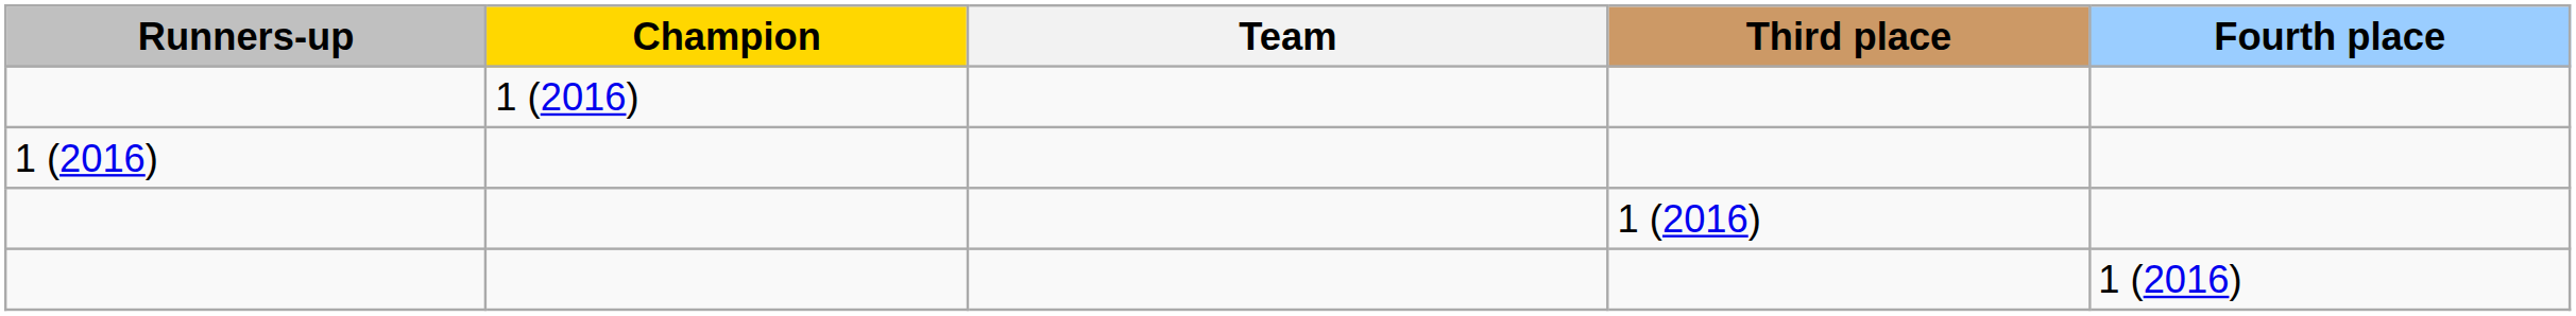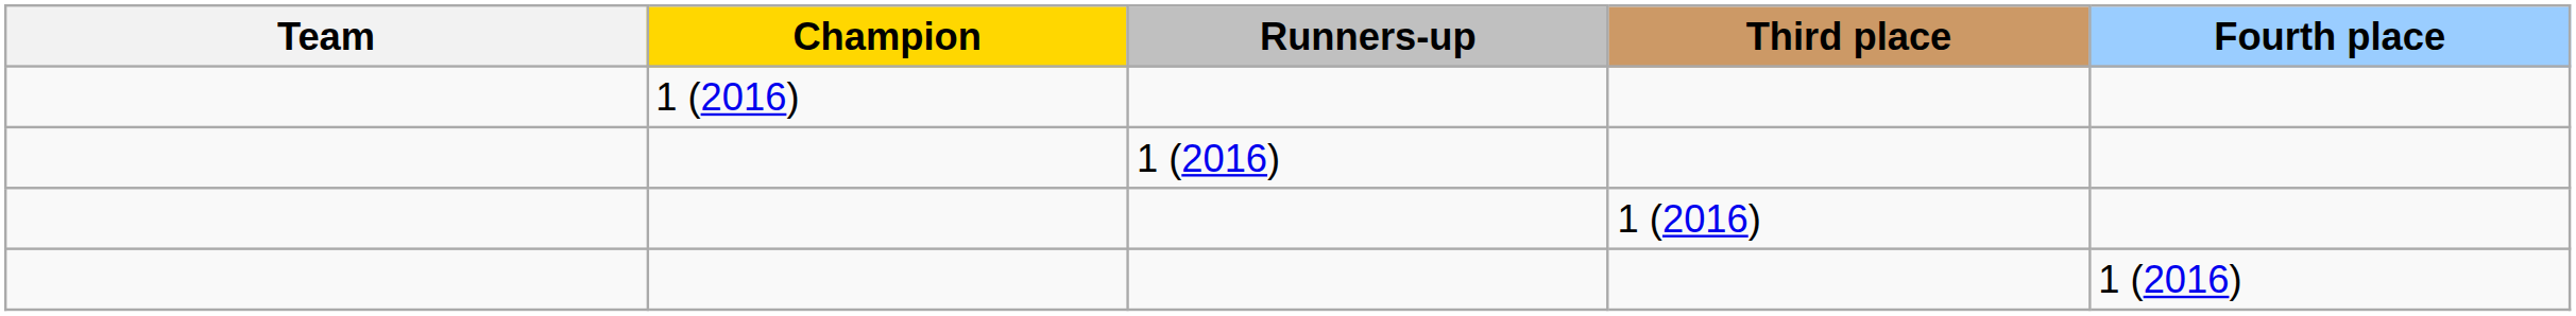 <table class="wikitable" style="font-size:95%; width: 80%; text-align: left;">
 <tr>
+<th width="20%">Team</th>
+<th width="15%" style="background:gold">Champion</th>
 <th width="15%" style="background:silver">Runners-up</th>
-<th width="15%" style="background:gold">Champion</th>
-<th width="20%">Team</th>
 <th width="15%" style="background:#Cc9966">Third place</th>
 <th width="15%" style="background:#9acdff">Fourth place</th>
 </tr>
 <tr>
 <td></td>
 <td>1 (<a href='#'>2016</a>)</td>
 <td></td>
 <td></td>
 <td></td>
 </tr>
 <tr>
-<td>1 (<a href='#'>2016</a>)</td>
 <td></td>
 <td></td>
+<td>1 (<a href='#'>2016</a>)</td>
 <td></td>
 <td></td>
 </tr>
 <tr>
 <td></td>
 <td></td>
 <td></td>
 <td>1 (<a href='#'>2016</a>)</td>
 <td></td>
 </tr>
 <tr>
 <td></td>
 <td></td>
 <td></td>
 <td></td>
 <td>1 (<a href='#'>2016</a>)</td>
 </tr>
 </table>
